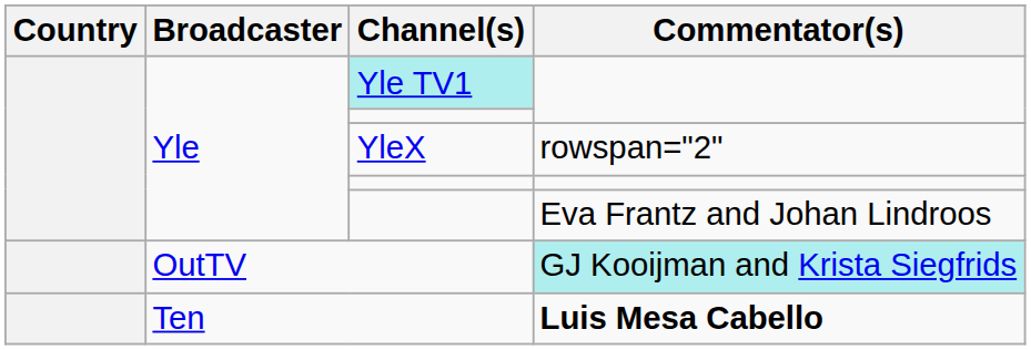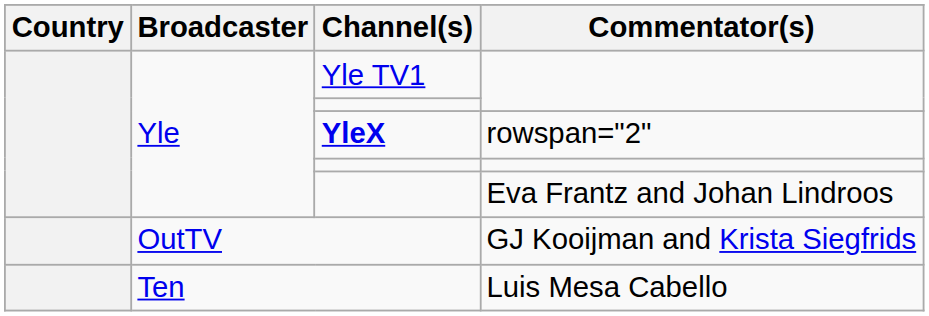 <table class="wikitable plainrowheaders">
 <tr>
 <th>Country</th>
 <th>Broadcaster</th>
 <th>Channel(s)</th>
 <th>Commentator(s)</th>
 </tr>
 <tr>
 <th scope="row" rowspan="5"></th>
 <td rowspan="5"><a href='#'>Yle</a></td>
-<td style="background: paleturquoise;"><a href='#'>Yle TV1</a></td>
+<td><a href='#'>Yle TV1</a></td>
 <td rowspan="2"></td>
 </tr>
 <tr>
 <td></td>
 </tr>
 <tr>
-<td><a href='#'>YleX</a></td>
+<td><strong><a href='#'>YleX</a></strong></td>
 <td>rowspan="2" </td>
 </tr>
 <tr>
 <td></td>
 </tr>
 <tr>
 <td></td>
 <td>Eva Frantz and Johan Lindroos </td>
 </tr>
 <tr>
 <th scope="row"></th>
 <td colspan="2"><a href='#'>OutTV</a></td>
-<td style="background: paleturquoise;">GJ Kooijman and <a href='#'>Krista Siegfrids</a></td>
+<td>GJ Kooijman and <a href='#'>Krista Siegfrids</a></td>
 </tr>
 <tr>
 <th scope="row"></th>
 <td colspan="2"><a href='#'>Ten</a></td>
-<td><strong>Luis Mesa Cabello</strong></td>
+<td>Luis Mesa Cabello</td>
 </tr>
 </table>
